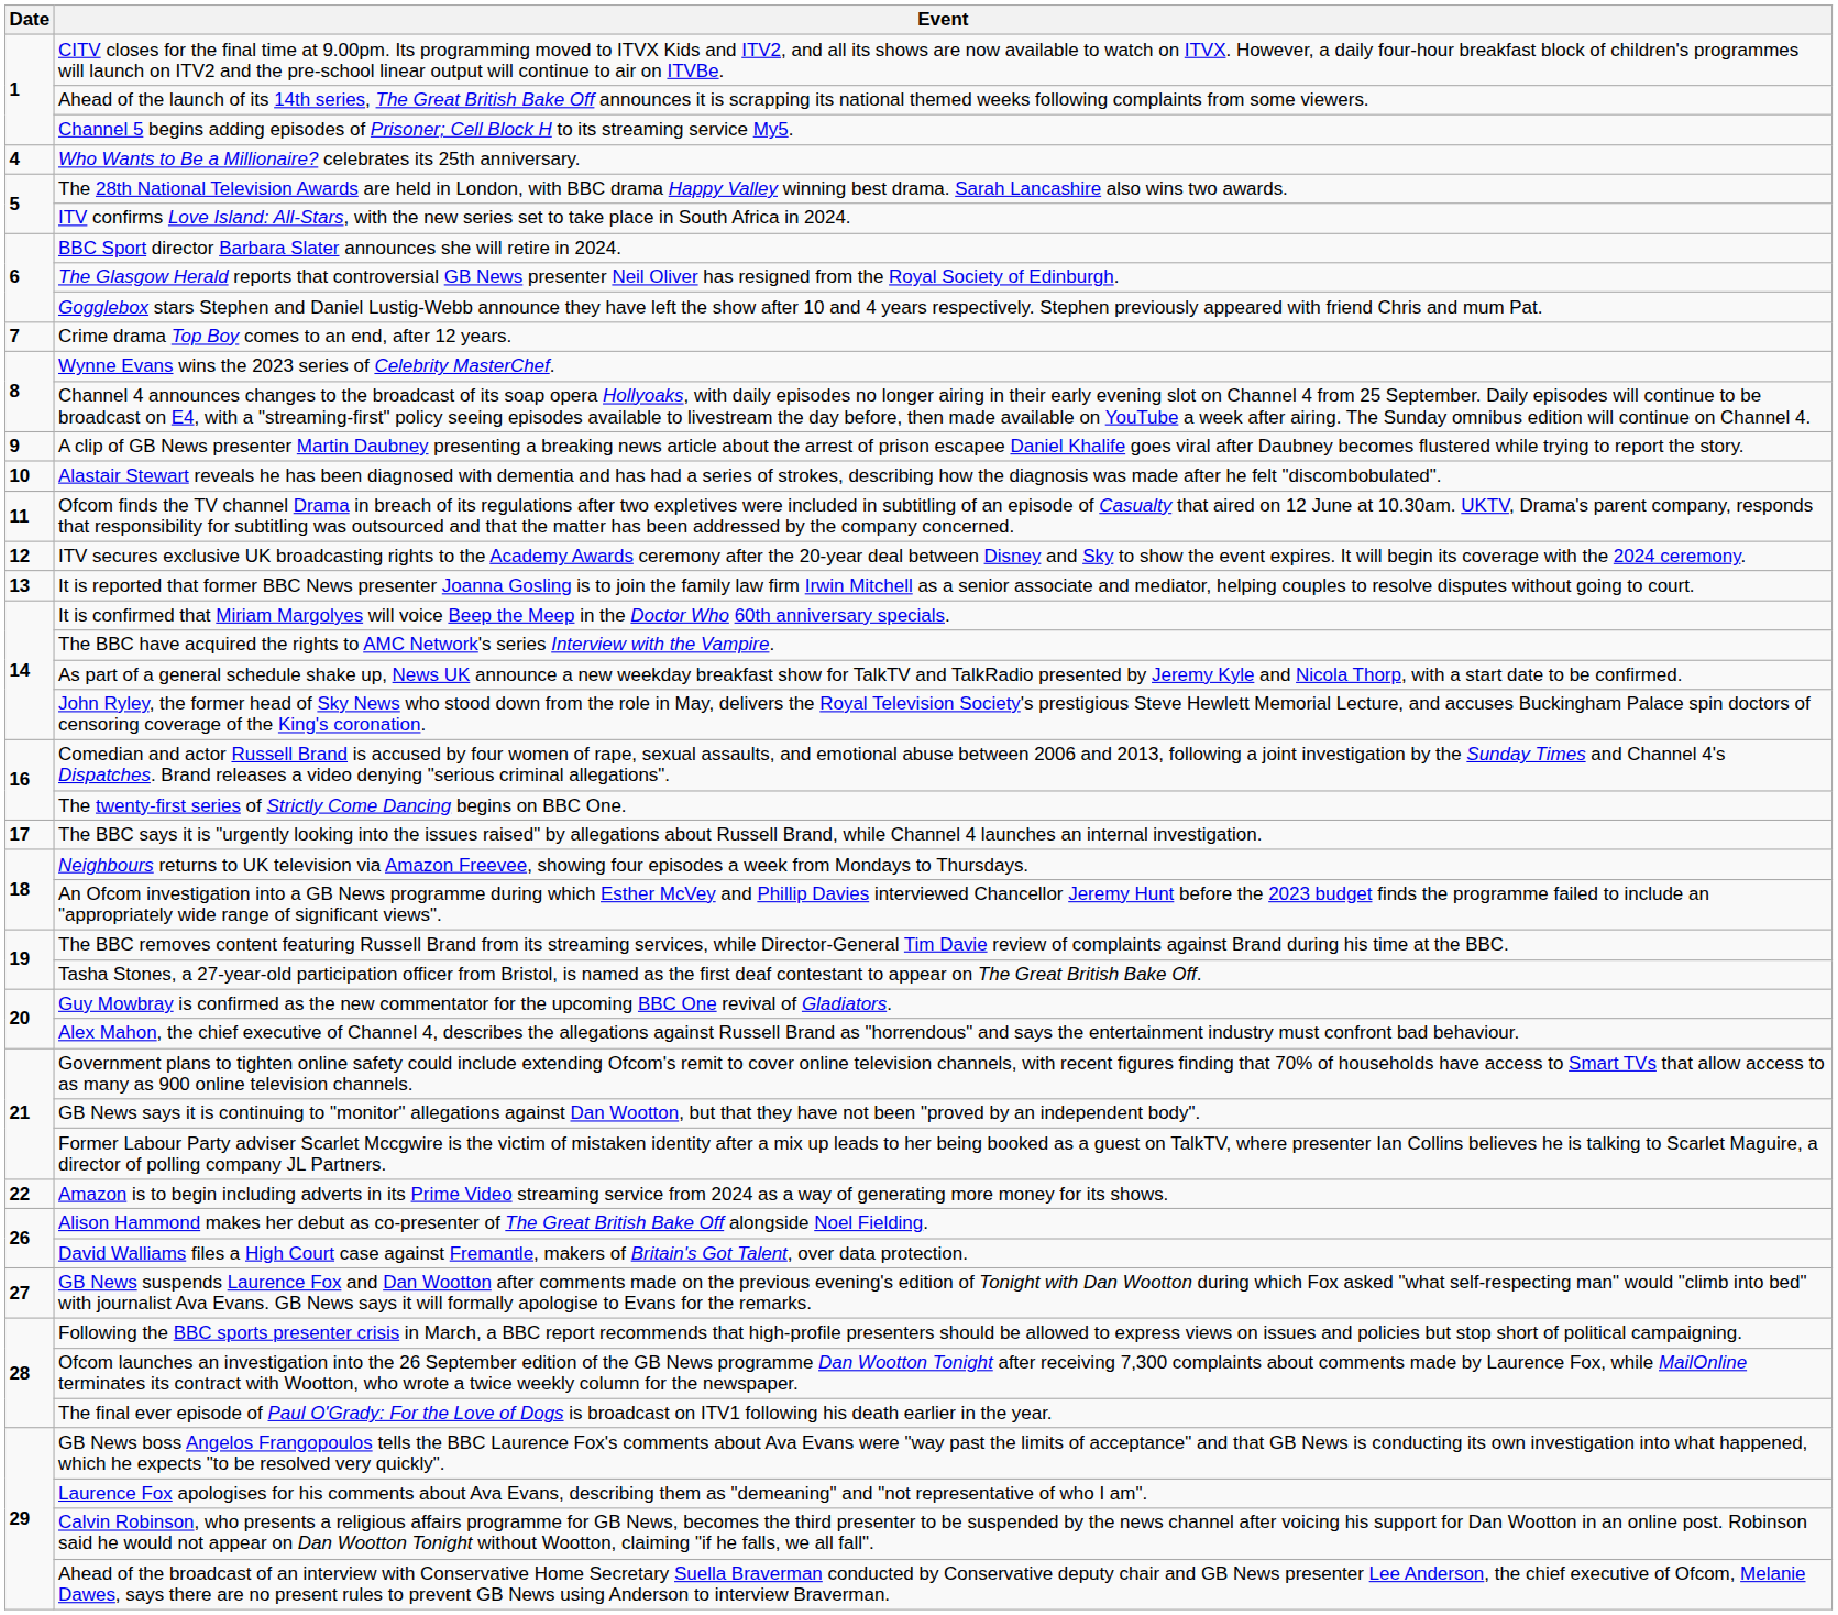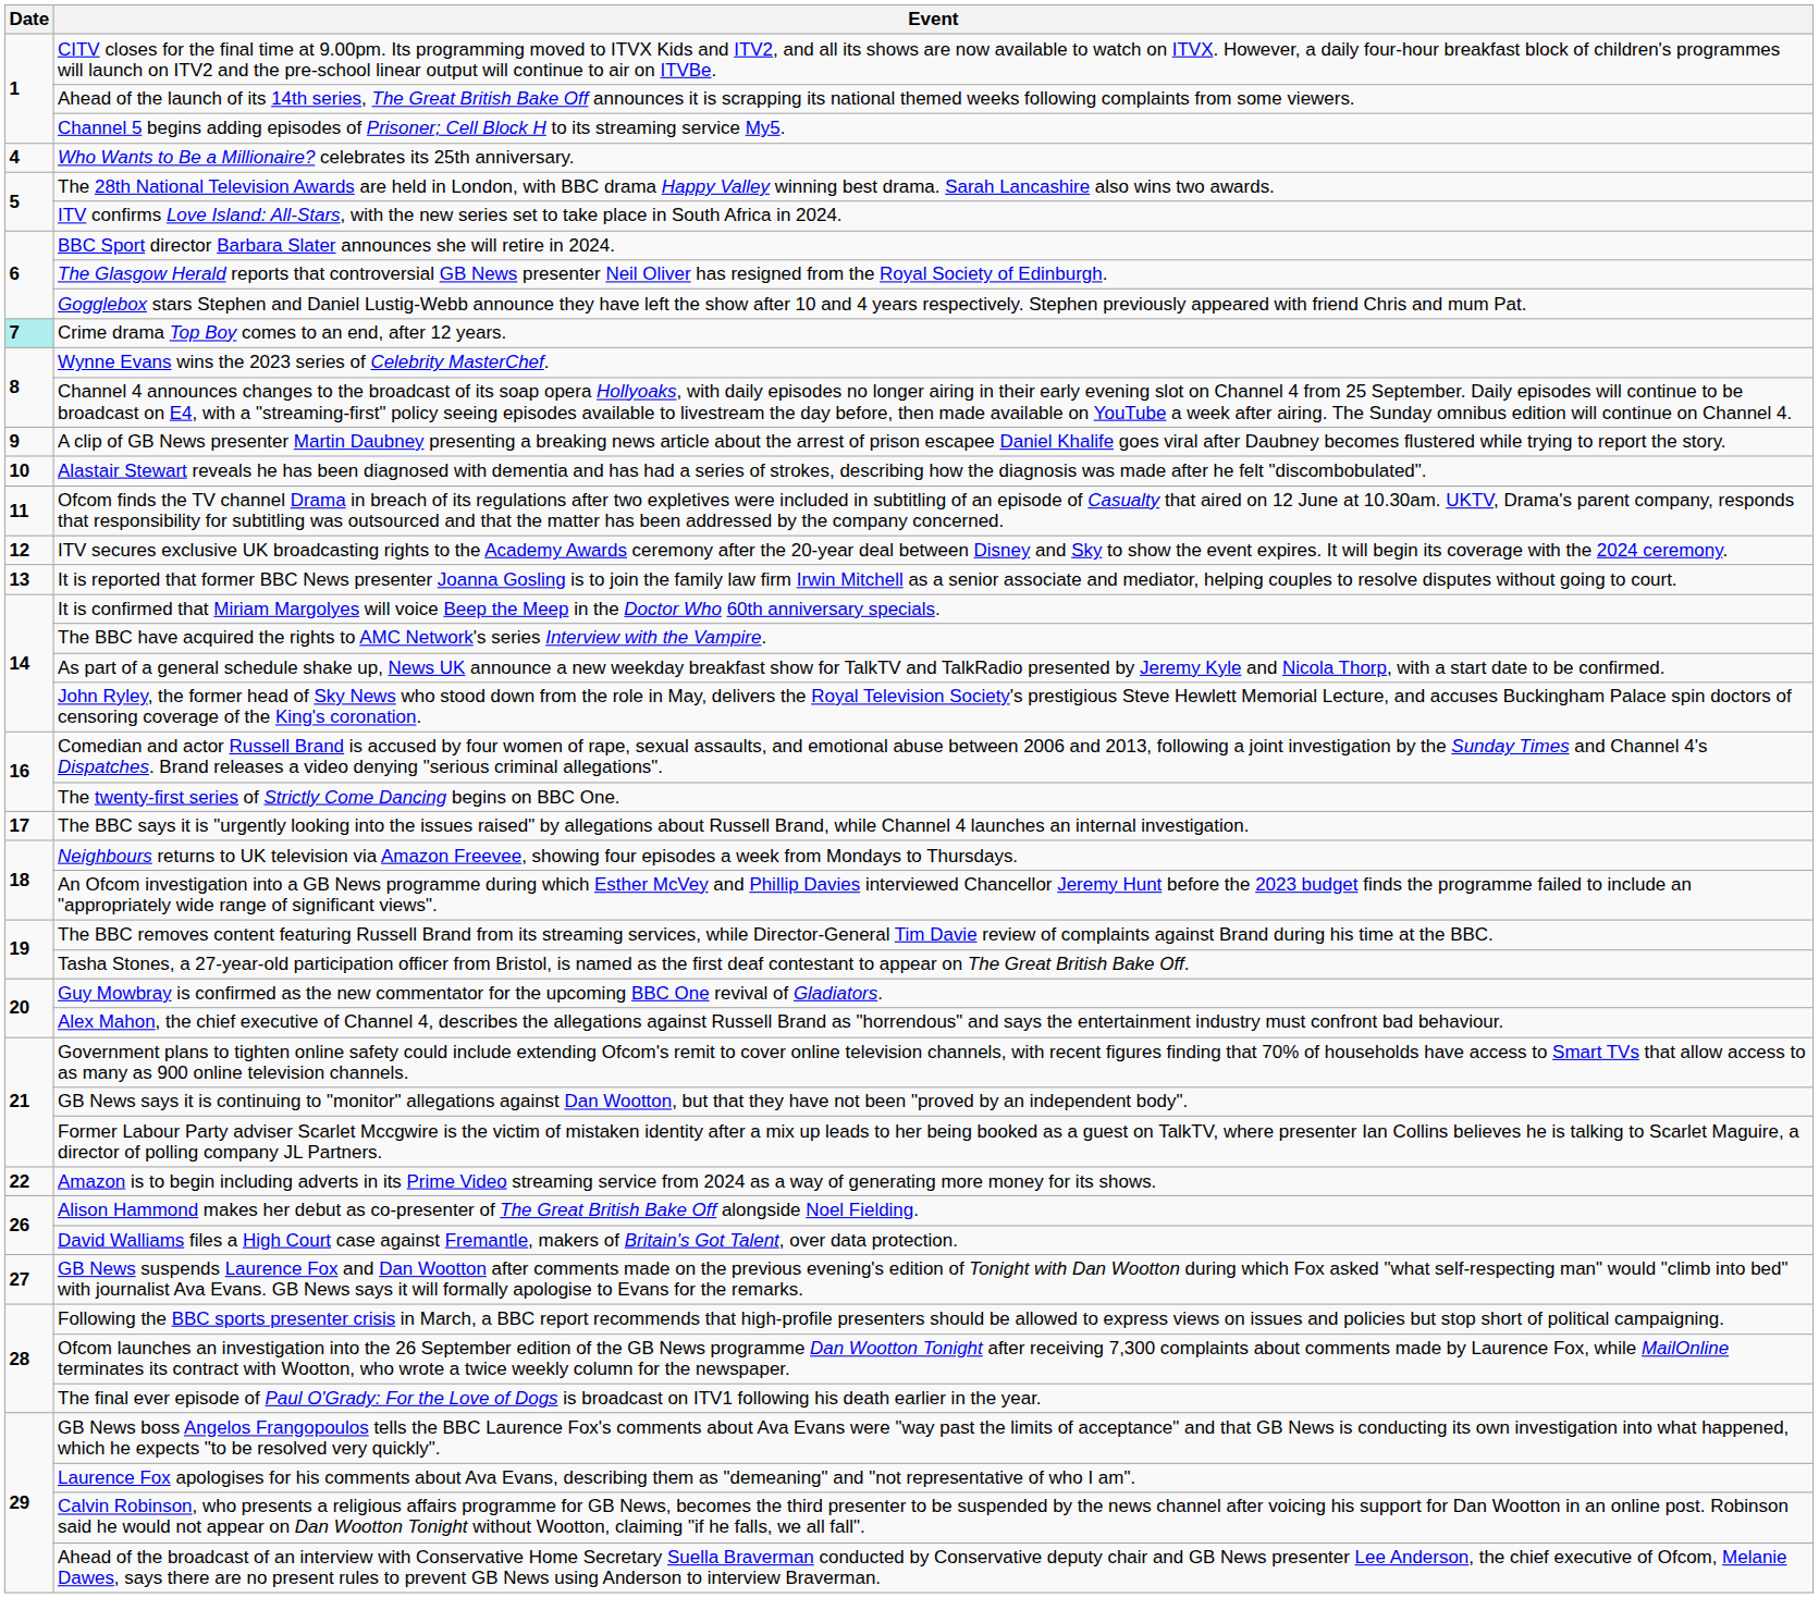 <table class="wikitable">
 <tr>
 <th>Date</th>
 <th>Event</th>
 </tr>
 <tr>
 <td rowspan=3><strong>1</strong></td>
 <td><a href='#'>CITV</a> closes for the final time at 9.00pm. Its programming moved to ITVX Kids and <a href='#'>ITV2</a>, and all its shows are now available to watch on <a href='#'>ITVX</a>. However, a daily four-hour breakfast block of children's programmes will launch on ITV2 and the pre-school linear output will continue to air on <a href='#'>ITVBe</a>.</td>
 </tr>
 <tr>
 <td>Ahead of the launch of its <a href='#'>14th series</a>, <em><a href='#'>The Great British Bake Off</a></em> announces it is scrapping its national themed weeks following complaints from some viewers.</td>
 </tr>
 <tr>
 <td><a href='#'>Channel 5</a> begins adding episodes of <em><a href='#'>Prisoner; Cell Block H</a></em> to its streaming service <a href='#'>My5</a>.</td>
 </tr>
 <tr>
 <td><strong>4</strong></td>
 <td><em><a href='#'>Who Wants to Be a Millionaire?</a></em> celebrates its 25th anniversary.</td>
 </tr>
 <tr>
 <td rowspan=2><strong>5</strong></td>
 <td>The <a href='#'>28th National Television Awards</a> are held in London, with BBC drama <em><a href='#'>Happy Valley</a></em> winning best drama. <a href='#'>Sarah Lancashire</a> also wins two awards.</td>
 </tr>
 <tr>
 <td><a href='#'>ITV</a> confirms <em><a href='#'>Love Island: All-Stars</a></em>, with the new series set to take place in South Africa in 2024.</td>
 </tr>
 <tr>
 <td rowspan=3><strong>6</strong></td>
 <td><a href='#'>BBC Sport</a> director <a href='#'>Barbara Slater</a> announces she will retire in 2024.</td>
 </tr>
 <tr>
 <td><em><a href='#'>The Glasgow Herald</a></em> reports that controversial <a href='#'>GB News</a> presenter <a href='#'>Neil Oliver</a> has resigned from the <a href='#'>Royal Society of Edinburgh</a>.</td>
 </tr>
 <tr>
 <td><em><a href='#'>Gogglebox</a></em> stars Stephen and Daniel Lustig-Webb announce they have left the show after 10 and 4 years respectively. Stephen previously appeared with friend Chris and mum Pat.</td>
 </tr>
 <tr>
-<td><strong>7</strong></td>
+<td style="background: paleturquoise;"><strong>7</strong></td>
 <td>Crime drama <em><a href='#'>Top Boy</a></em> comes to an end, after 12 years.</td>
 </tr>
 <tr>
 <td rowspan=2><strong>8</strong></td>
 <td><a href='#'>Wynne Evans</a> wins the 2023 series of <em><a href='#'>Celebrity MasterChef</a></em>.</td>
 </tr>
 <tr>
 <td>Channel 4 announces changes to the broadcast of its soap opera <em><a href='#'>Hollyoaks</a></em>, with daily episodes no longer airing in their early evening slot on Channel 4 from 25 September. Daily episodes will continue to be broadcast on <a href='#'>E4</a>, with a "streaming-first" policy seeing episodes available to livestream the day before, then made available on <a href='#'>YouTube</a> a week after airing. The Sunday omnibus edition will continue on Channel 4.</td>
 </tr>
 <tr>
 <td><strong>9</strong></td>
 <td>A clip of GB News presenter <a href='#'>Martin Daubney</a> presenting a breaking news article about the arrest of prison escapee <a href='#'>Daniel Khalife</a> goes viral after Daubney becomes flustered while trying to report the story.</td>
 </tr>
 <tr>
 <td><strong>10</strong></td>
 <td><a href='#'>Alastair Stewart</a> reveals he has been diagnosed with dementia and has had a series of strokes, describing how the diagnosis was made after he felt "discombobulated".</td>
 </tr>
 <tr>
 <td><strong>11</strong></td>
 <td>Ofcom finds the TV channel <a href='#'>Drama</a> in breach of its regulations after two expletives were included in subtitling of an episode of <em><a href='#'>Casualty</a></em> that aired on 12 June at 10.30am. <a href='#'>UKTV</a>, Drama's parent company, responds that responsibility for subtitling was outsourced and that the matter has been addressed by the company concerned.</td>
 </tr>
 <tr>
 <td><strong>12</strong></td>
 <td>ITV secures exclusive UK broadcasting rights to the <a href='#'>Academy Awards</a> ceremony after the 20-year deal between <a href='#'>Disney</a> and <a href='#'>Sky</a> to show the event expires. It will begin its coverage with the <a href='#'>2024 ceremony</a>.</td>
 </tr>
 <tr>
 <td><strong>13</strong></td>
 <td>It is reported that former BBC News presenter <a href='#'>Joanna Gosling</a> is to join the family law firm <a href='#'>Irwin Mitchell</a> as a senior associate and mediator, helping couples to resolve disputes without going to court.</td>
 </tr>
 <tr>
 <td rowspan=4><strong>14</strong></td>
 <td>It is confirmed that <a href='#'>Miriam Margolyes</a> will voice <a href='#'>Beep the Meep</a> in the <em><a href='#'>Doctor Who</a></em> <a href='#'>60th anniversary specials</a>.</td>
 </tr>
 <tr>
 <td>The BBC have acquired the rights to <a href='#'>AMC Network</a>'s series <em><a href='#'>Interview with the Vampire</a></em>.</td>
 </tr>
 <tr>
 <td>As part of a general schedule shake up, <a href='#'>News UK</a> announce a new weekday breakfast show for TalkTV and TalkRadio presented by <a href='#'>Jeremy Kyle</a> and <a href='#'>Nicola Thorp</a>, with a start date to be confirmed.</td>
 </tr>
 <tr>
 <td><a href='#'>John Ryley</a>, the former head of <a href='#'>Sky News</a> who stood down from the role in May, delivers the <a href='#'>Royal Television Society</a>'s prestigious Steve Hewlett Memorial Lecture, and accuses Buckingham Palace spin doctors of censoring coverage of the <a href='#'>King's coronation</a>.</td>
 </tr>
 <tr>
 <td rowspan="2"><strong>16</strong></td>
 <td>Comedian and actor <a href='#'>Russell Brand</a> is accused by four women of rape, sexual assaults, and emotional abuse between 2006 and 2013, following a joint investigation by the <em><a href='#'>Sunday Times</a></em> and Channel 4's <em><a href='#'>Dispatches</a></em>. Brand releases a video denying "serious criminal allegations".</td>
 </tr>
 <tr>
 <td>The <a href='#'>twenty-first series</a> of <em><a href='#'>Strictly Come Dancing</a></em> begins on BBC One.</td>
 </tr>
 <tr>
 <td><strong>17</strong></td>
 <td>The BBC says it is "urgently looking into the issues raised" by allegations about Russell Brand, while Channel 4 launches an internal investigation.</td>
 </tr>
 <tr>
 <td rowspan=2><strong>18</strong></td>
 <td><em><a href='#'>Neighbours</a></em> returns to UK television via <a href='#'>Amazon Freevee</a>, showing four episodes a week from Mondays to Thursdays.</td>
 </tr>
 <tr>
 <td>An Ofcom investigation into a GB News programme during which <a href='#'>Esther McVey</a> and <a href='#'>Phillip Davies</a> interviewed Chancellor <a href='#'>Jeremy Hunt</a> before the <a href='#'>2023 budget</a> finds the programme failed to include an "appropriately wide range of significant views".</td>
 </tr>
 <tr>
 <td rowspan=2><strong>19</strong></td>
 <td>The BBC removes content featuring Russell Brand from its streaming services, while Director-General <a href='#'>Tim Davie</a> review of complaints against Brand during his time at the BBC.</td>
 </tr>
 <tr>
 <td>Tasha Stones, a 27-year-old participation officer from Bristol, is named as the first deaf contestant to appear on <em>The Great British Bake Off</em>.</td>
 </tr>
 <tr>
 <td rowspan=2><strong>20</strong></td>
 <td><a href='#'>Guy Mowbray</a> is confirmed as the new commentator for the upcoming <a href='#'>BBC One</a> revival of <em><a href='#'>Gladiators</a></em>.</td>
 </tr>
 <tr>
 <td><a href='#'>Alex Mahon</a>, the chief executive of Channel 4, describes the allegations against Russell Brand as "horrendous" and says the entertainment industry must confront bad behaviour.</td>
 </tr>
 <tr>
 <td rowspan=3><strong>21</strong></td>
 <td>Government plans to tighten online safety could include extending Ofcom's remit to cover online television channels, with recent figures finding that 70% of households have access to <a href='#'>Smart TVs</a> that allow access to as many as 900 online television channels.</td>
 </tr>
 <tr>
 <td>GB News says it is continuing to "monitor" allegations against <a href='#'>Dan Wootton</a>, but that they have not been "proved by an independent body".</td>
 </tr>
 <tr>
 <td>Former Labour Party adviser Scarlet Mccgwire is the victim of mistaken identity after a mix up leads to her being booked as a guest on TalkTV, where presenter Ian Collins believes he is talking to Scarlet Maguire, a director of polling company JL Partners.</td>
 </tr>
 <tr>
 <td><strong>22</strong></td>
 <td><a href='#'>Amazon</a> is to begin including adverts in its <a href='#'>Prime Video</a> streaming service from 2024 as a way of generating more money for its shows.</td>
 </tr>
 <tr>
 <td rowspan=2><strong>26</strong></td>
 <td><a href='#'>Alison Hammond</a> makes her debut as co-presenter of <em><a href='#'>The Great British Bake Off</a></em> alongside <a href='#'>Noel Fielding</a>.</td>
 </tr>
 <tr>
 <td><a href='#'>David Walliams</a> files a <a href='#'>High Court</a> case against <a href='#'>Fremantle</a>, makers of <em><a href='#'>Britain's Got Talent</a></em>, over data protection.</td>
 </tr>
 <tr>
 <td><strong>27</strong></td>
 <td><a href='#'>GB News</a> suspends <a href='#'>Laurence Fox</a> and <a href='#'>Dan Wootton</a> after comments made on the previous evening's edition of <em>Tonight with Dan Wootton</em> during which Fox asked "what self-respecting man" would "climb into bed" with journalist Ava Evans. GB News says it will formally apologise to Evans for the remarks.</td>
 </tr>
 <tr>
 <td rowspan=3><strong>28</strong></td>
 <td>Following the <a href='#'>BBC sports presenter crisis</a> in March, a BBC report recommends that high-profile presenters should be allowed to express views on issues and policies but stop short of political campaigning.</td>
 </tr>
 <tr>
 <td>Ofcom launches an investigation into the 26 September edition of the GB News programme <em><a href='#'>Dan Wootton Tonight</a></em> after receiving 7,300 complaints about comments made by Laurence Fox, while <em><a href='#'>MailOnline</a></em> terminates its contract with Wootton, who wrote a twice weekly column for the newspaper.</td>
 </tr>
 <tr>
 <td>The final ever episode of <em><a href='#'>Paul O'Grady: For the Love of Dogs</a></em> is broadcast on ITV1 following his death earlier in the year.</td>
 </tr>
 <tr>
 <td rowspan=4><strong>29</strong></td>
 <td>GB News boss <a href='#'>Angelos Frangopoulos</a> tells the BBC Laurence Fox's comments about Ava Evans were "way past the limits of acceptance" and that GB News is conducting its own investigation into what happened, which he expects "to be resolved very quickly".</td>
 </tr>
 <tr>
 <td><a href='#'>Laurence Fox</a> apologises for his comments about Ava Evans, describing them as "demeaning" and "not representative of who I am".</td>
 </tr>
 <tr>
 <td><a href='#'>Calvin Robinson</a>, who presents a religious affairs programme for GB News, becomes the third presenter to be suspended by the news channel after voicing his support for Dan Wootton in an online post. Robinson said he would not appear on <em>Dan Wootton Tonight</em> without Wootton, claiming "if he falls, we all fall".</td>
 </tr>
 <tr>
 <td>Ahead of the broadcast of an interview with Conservative Home Secretary <a href='#'>Suella Braverman</a> conducted by Conservative deputy chair and GB News presenter <a href='#'>Lee Anderson</a>, the chief executive of Ofcom, <a href='#'>Melanie Dawes</a>, says there are no present rules to prevent GB News using Anderson to interview Braverman.</td>
 </tr>
 </table>
